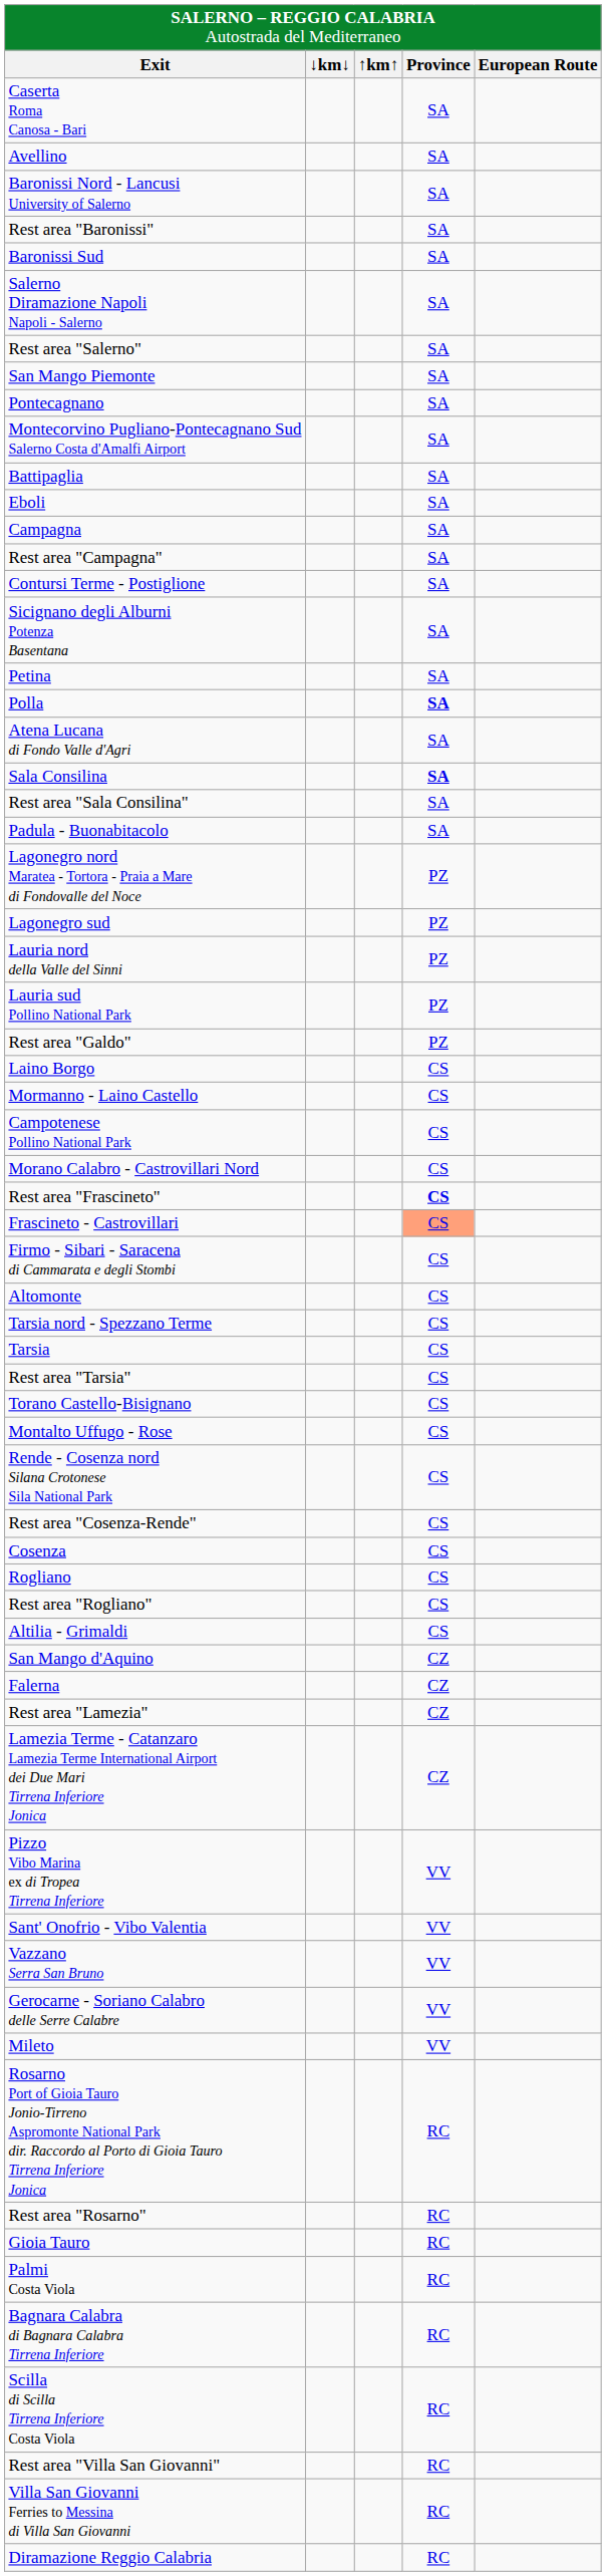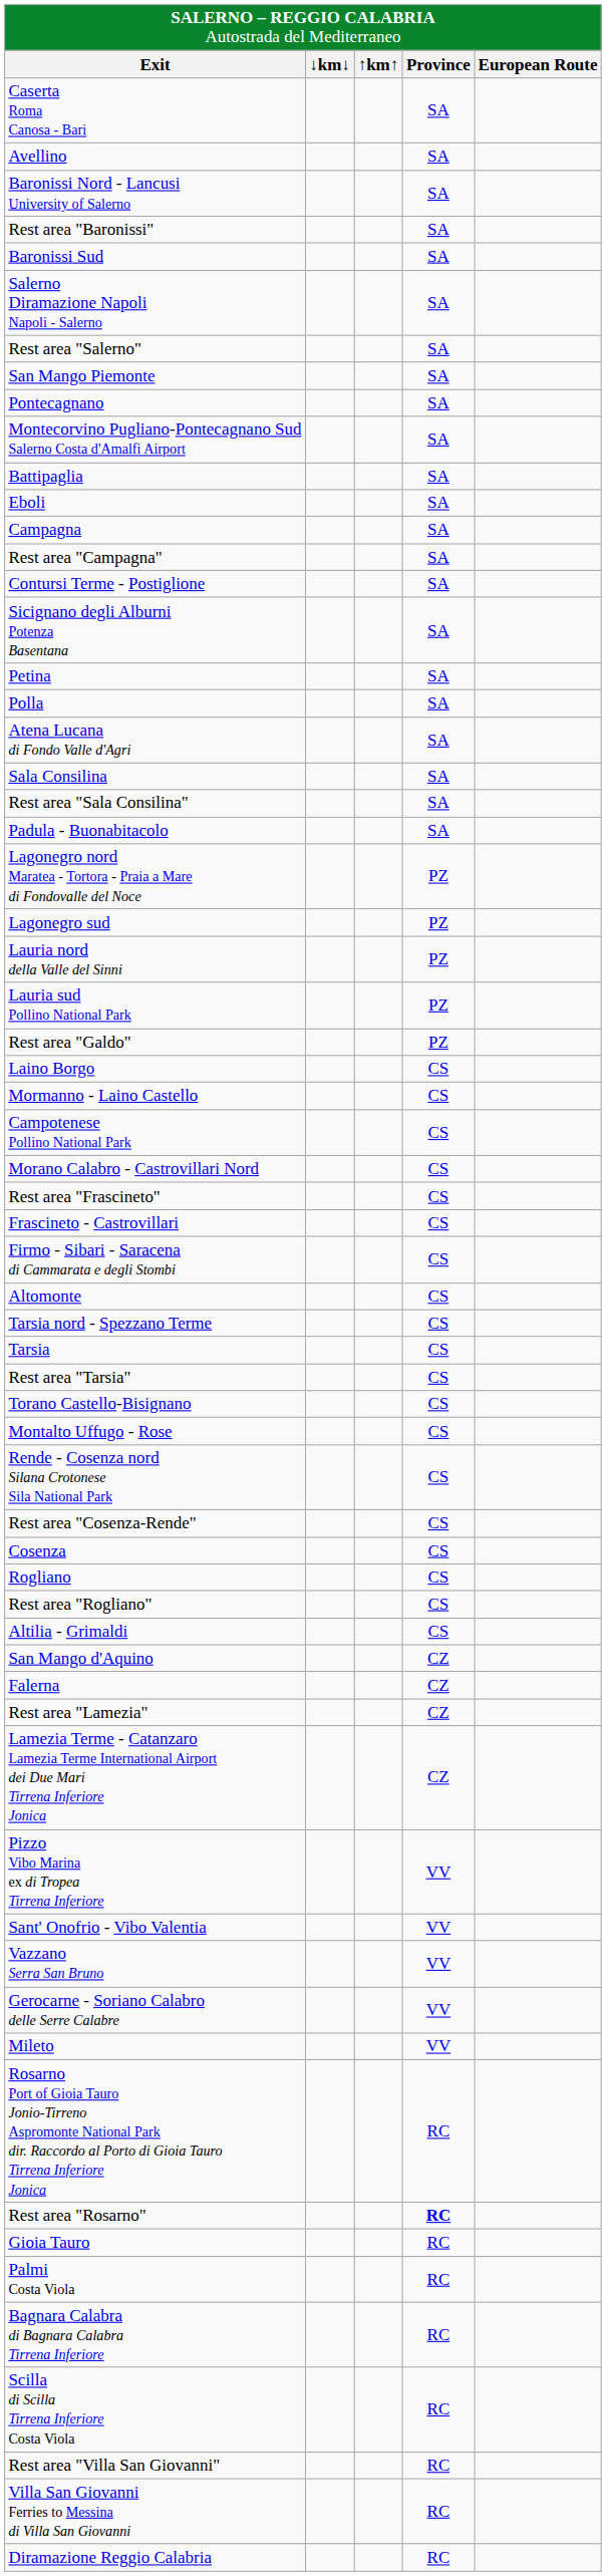 <table class="wikitable">
 <tr style="background:#08842c; text-align:center; color:white; font-size:100%;">
 <td colspan="6"><strong> SALERNO – REGGIO CALABRIA</strong><br>Autostrada del Mediterraneo</td>
 </tr>
 <tr>
 <th style="text-align:center;"><strong>Exit</strong></th>
 <th style="text-align:center;"><strong>↓km↓</strong></th>
 <th style="text-align:center;"><strong>↑km↑</strong></th>
 <th align="center"><strong>Province</strong></th>
 <th align="center"><strong>European Route</strong></th>
 </tr>
 <tr>
 <td>  <a href='#'>Caserta</a><br><small>  <a href='#'>Roma</a><br>  <a href='#'>Canosa - Bari</a></small></td>
 <td style="text-align:right;"></td>
 <td style="text-align:right;"></td>
 <td style="text-align:center;"><a href='#'>SA</a></td>
 <td style="text-align:center;"></td>
 </tr>
 <tr>
 <td>  <a href='#'>Avellino</a></td>
 <td style="text-align:right;"></td>
 <td style="text-align:right;"></td>
 <td style="text-align:center;"><a href='#'>SA</a></td>
 <td style="text-align:center;"></td>
 </tr>
 <tr>
 <td> <a href='#'>Baronissi Nord</a> - <a href='#'>Lancusi</a><br><small> <a href='#'>University of Salerno</a></small></td>
 <td style="text-align:right;"></td>
 <td style="text-align:right;"></td>
 <td style="text-align:center;"><a href='#'>SA</a></td>
 <td style="text-align:center;"></td>
 </tr>
 <tr>
 <td> Rest area "Baronissi"</td>
 <td style="text-align:right;"></td>
 <td style="text-align:right;"></td>
 <td style="text-align:center;"><a href='#'>SA</a></td>
 <td style="text-align:center;"></td>
 </tr>
 <tr>
 <td><a href='#'>Baronissi Sud</a></td>
 <td style="text-align:right;"></td>
 <td style="text-align:right;"></td>
 <td style="text-align:center;"><a href='#'>SA</a></td>
 <td style="text-align:center;"></td>
 </tr>
 <tr>
 <td> <a href='#'>Salerno</a><br>  <a href='#'>Diramazione Napoli</a> <br>  <small><a href='#'>Napoli - Salerno</a></small></td>
 <td style="text-align:right;"></td>
 <td style="text-align:right;"></td>
 <td style="text-align:center;"><a href='#'>SA</a></td>
 <td style="text-align:center;"></td>
 </tr>
 <tr>
 <td> Rest area "Salerno"</td>
 <td style="text-align:right;"></td>
 <td style="text-align:right;"></td>
 <td style="text-align:center;"><a href='#'>SA</a></td>
 <td style="text-align:center;"></td>
 </tr>
 <tr>
 <td> <a href='#'>San Mango Piemonte</a></td>
 <td style="text-align:right;"></td>
 <td style="text-align:right;"></td>
 <td style="text-align:center;"><a href='#'>SA</a></td>
 <td style="text-align:center;"></td>
 </tr>
 <tr>
 <td> <a href='#'>Pontecagnano</a></td>
 <td style="text-align:right;"></td>
 <td style="text-align:right;"></td>
 <td style="text-align:center;"><a href='#'>SA</a></td>
 <td style="text-align:center;"></td>
 </tr>
 <tr>
 <td> <a href='#'>Montecorvino Pugliano</a>-<a href='#'>Pontecagnano Sud</a><br><small> <a href='#'>Salerno Costa d'Amalfi Airport</a></small></td>
 <td style="text-align:right;"></td>
 <td style="text-align:right;"></td>
 <td style="text-align:center;"><a href='#'>SA</a></td>
 <td style="text-align:center;"></td>
 </tr>
 <tr>
 <td> <a href='#'>Battipaglia</a></td>
 <td style="text-align:right;"></td>
 <td style="text-align:right;"></td>
 <td style="text-align:center;"><a href='#'>SA</a></td>
 <td style="text-align:center;"></td>
 </tr>
 <tr>
 <td> <a href='#'>Eboli</a></td>
 <td style="text-align:right;"></td>
 <td style="text-align:right;"></td>
 <td style="text-align:center;"><a href='#'>SA</a></td>
 <td style="text-align:center;"></td>
 </tr>
 <tr>
 <td> <a href='#'>Campagna</a></td>
 <td style="text-align:right;"></td>
 <td style="text-align:right;"></td>
 <td style="text-align:center;"><a href='#'>SA</a></td>
 <td style="text-align:center;"></td>
 </tr>
 <tr>
 <td> Rest area "Campagna"</td>
 <td style="text-align:right;"></td>
 <td style="text-align:right;"></td>
 <td style="text-align:center;"><a href='#'>SA</a></td>
 <td style="text-align:center;"></td>
 </tr>
 <tr>
 <td> <a href='#'>Contursi Terme</a> - <a href='#'>Postiglione</a></td>
 <td style="text-align:right;"></td>
 <td style="text-align:right;"></td>
 <td style="text-align:center;"><a href='#'>SA</a></td>
 <td style="text-align:center;"></td>
 </tr>
 <tr>
 <td> <a href='#'>Sicignano degli Alburni</a><br>  <small><a href='#'>Potenza</a><br> <em>Basentana</em></small></td>
 <td style="text-align:right;"></td>
 <td style="text-align:right;"></td>
 <td style="text-align:center;"><a href='#'>SA</a></td>
 <td style="text-align:center;"></td>
 </tr>
 <tr>
 <td> <a href='#'>Petina</a></td>
 <td style="text-align:right;"></td>
 <td style="text-align:right;"></td>
 <td style="text-align:center;"><a href='#'>SA</a></td>
 <td style="text-align:center;"></td>
 </tr>
 <tr>
 <td> <a href='#'>Polla</a></td>
 <td style="text-align:right;"></td>
 <td style="text-align:right;"></td>
-<td style="text-align:center;"><strong><a href='#'>SA</a></strong></td>
+<td style="text-align:center;"><a href='#'>SA</a></td>
 <td style="text-align:center;"></td>
 </tr>
 <tr>
 <td> <a href='#'>Atena Lucana</a><br><small> <em>di Fondo Valle d'Agri</em></small></td>
 <td style="text-align:right;"></td>
 <td style="text-align:right;"></td>
 <td style="text-align:center;"><a href='#'>SA</a></td>
 <td style="text-align:center;"></td>
 </tr>
 <tr>
 <td> <a href='#'>Sala Consilina</a></td>
 <td style="text-align:right;"></td>
 <td style="text-align:right;"></td>
-<td style="text-align:center;"><strong><a href='#'>SA</a></strong></td>
+<td style="text-align:center;"><a href='#'>SA</a></td>
 <td style="text-align:center;"></td>
 </tr>
 <tr>
 <td> Rest area "Sala Consilina"</td>
 <td style="text-align:right;"></td>
 <td style="text-align:right;"></td>
 <td style="text-align:center;"><a href='#'>SA</a></td>
 <td style="text-align:center;"></td>
 </tr>
 <tr>
 <td> <a href='#'>Padula</a> - <a href='#'>Buonabitacolo</a></td>
 <td style="text-align:right;"></td>
 <td style="text-align:right;"></td>
 <td style="text-align:center;"><a href='#'>SA</a></td>
 <td style="text-align:center;"></td>
 </tr>
 <tr>
 <td> <a href='#'>Lagonegro nord</a><br><small><a href='#'>Maratea</a> - <a href='#'>Tortora</a> - <a href='#'>Praia a Mare</a><br> <em>di Fondovalle del Noce</em></small></td>
 <td style="text-align:right;"></td>
 <td style="text-align:right;"></td>
 <td style="text-align:center;"><a href='#'>PZ</a></td>
 <td style="text-align:center;"></td>
 </tr>
 <tr>
 <td> <a href='#'>Lagonegro sud</a></td>
 <td style="text-align:right;"></td>
 <td style="text-align:right;"></td>
 <td style="text-align:center;"><a href='#'>PZ</a></td>
 <td style="text-align:center;"></td>
 </tr>
 <tr>
 <td> <a href='#'>Lauria nord</a><br><small> <em>della Valle del Sinni</em></small></td>
 <td style="text-align:right;"></td>
 <td style="text-align:right;"></td>
 <td style="text-align:center;"><a href='#'>PZ</a></td>
 <td style="text-align:center;"></td>
 </tr>
 <tr>
 <td> <a href='#'>Lauria sud</a><br><small> <a href='#'>Pollino National Park</a></small></td>
 <td style="text-align:right;"></td>
 <td style="text-align:right;"></td>
 <td style="text-align:center;"><a href='#'>PZ</a></td>
 <td style="text-align:center;"></td>
 </tr>
 <tr>
 <td> Rest area "Galdo"</td>
 <td style="text-align:right;"></td>
 <td style="text-align:right;"></td>
 <td style="text-align:center;"><a href='#'>PZ</a></td>
 <td style="text-align:center;"></td>
 </tr>
 <tr>
 <td> <a href='#'>Laino Borgo</a></td>
 <td style="text-align:right;"></td>
 <td style="text-align:right;"></td>
 <td style="text-align:center;"><a href='#'>CS</a></td>
 <td style="text-align:center;"></td>
 </tr>
 <tr>
 <td> <a href='#'>Mormanno</a> - <a href='#'>Laino Castello</a></td>
 <td style="text-align:right;"></td>
 <td style="text-align:right;"></td>
 <td style="text-align:center;"><a href='#'>CS</a></td>
 <td style="text-align:center;"></td>
 </tr>
 <tr>
 <td> <a href='#'>Campotenese</a><br><small> <a href='#'>Pollino National Park</a></small></td>
 <td style="text-align:right;"></td>
 <td style="text-align:right;"></td>
 <td style="text-align:center;"><a href='#'>CS</a></td>
 <td style="text-align:center;"></td>
 </tr>
 <tr>
 <td> <a href='#'>Morano Calabro</a> - <a href='#'>Castrovillari Nord</a></td>
 <td style="text-align:right;"></td>
 <td style="text-align:right;"></td>
 <td style="text-align:center;"><a href='#'>CS</a></td>
 <td style="text-align:center;"></td>
 </tr>
 <tr>
 <td> Rest area "Frascineto"</td>
 <td style="text-align:right;"></td>
 <td style="text-align:right;"></td>
-<td style="text-align:center;"><strong><a href='#'>CS</a></strong></td>
+<td style="text-align:center;"><a href='#'>CS</a></td>
 <td style="text-align:center;"></td>
 </tr>
 <tr>
 <td> <a href='#'>Frascineto</a> - <a href='#'>Castrovillari</a></td>
 <td style="text-align:right;"></td>
 <td style="text-align:right;"></td>
-<td style="background: lightsalmon; text-align:center;"><a href='#'>CS</a></td>
+<td style="text-align:center;"><a href='#'>CS</a></td>
 <td style="text-align:center;"></td>
 </tr>
 <tr>
 <td> <a href='#'>Firmo</a> - <a href='#'>Sibari</a> - <a href='#'>Saracena</a><br><small>  <em>di Cammarata e degli Stombi</em></small></td>
 <td style="text-align:right;"></td>
 <td style="text-align:right;"></td>
 <td style="text-align:center;"><a href='#'>CS</a></td>
 <td style="text-align:center;"></td>
 </tr>
 <tr>
 <td> <a href='#'>Altomonte</a></td>
 <td style="text-align:right;"></td>
 <td style="text-align:right;"></td>
 <td style="text-align:center;"><a href='#'>CS</a></td>
 <td style="text-align:center;"></td>
 </tr>
 <tr>
 <td> <a href='#'>Tarsia nord</a> - <a href='#'>Spezzano Terme</a></td>
 <td style="text-align:right;"></td>
 <td style="text-align:right;"></td>
 <td style="text-align:center;"><a href='#'>CS</a></td>
 <td style="text-align:center;"></td>
 </tr>
 <tr>
 <td> <a href='#'>Tarsia</a></td>
 <td style="text-align:right;"></td>
 <td style="text-align:right;"></td>
 <td style="text-align:center;"><a href='#'>CS</a></td>
 <td style="text-align:center;"></td>
 </tr>
 <tr>
 <td> Rest area "Tarsia"</td>
 <td style="text-align:right;"></td>
 <td style="text-align:right;"></td>
 <td style="text-align:center;"><a href='#'>CS</a></td>
 <td style="text-align:center;"></td>
 </tr>
 <tr>
 <td> <a href='#'>Torano Castello</a>-<a href='#'>Bisignano</a></td>
 <td style="text-align:right;"></td>
 <td style="text-align:right;"></td>
 <td style="text-align:center;"><a href='#'>CS</a></td>
 <td style="text-align:center;"></td>
 </tr>
 <tr>
 <td> <a href='#'>Montalto Uffugo</a> - <a href='#'>Rose</a></td>
 <td style="text-align:right;"></td>
 <td style="text-align:right;"></td>
 <td style="text-align:center;"><a href='#'>CS</a></td>
 <td style="text-align:center;"></td>
 </tr>
 <tr>
 <td> <a href='#'>Rende</a> - <a href='#'>Cosenza nord</a><br><small>  <em>Silana Crotonese</em><br> <a href='#'>Sila National Park</a></small></td>
 <td style="text-align:right;"></td>
 <td style="text-align:right;"></td>
 <td style="text-align:center;"><a href='#'>CS</a></td>
 <td style="text-align:center;"></td>
 </tr>
 <tr>
 <td> Rest area "Cosenza-Rende"</td>
 <td style="text-align:right;"></td>
 <td style="text-align:right;"></td>
 <td style="text-align:center;"><a href='#'>CS</a></td>
 <td style="text-align:center;"></td>
 </tr>
 <tr>
 <td> <a href='#'>Cosenza</a></td>
 <td style="text-align:right;"></td>
 <td style="text-align:right;"></td>
 <td style="text-align:center;"><a href='#'>CS</a></td>
 <td style="text-align:center;"></td>
 </tr>
 <tr>
 <td> <a href='#'>Rogliano</a></td>
 <td style="text-align:right;"></td>
 <td style="text-align:right;"></td>
 <td style="text-align:center;"><a href='#'>CS</a></td>
 <td style="text-align:center;"></td>
 </tr>
 <tr>
 <td> Rest area "Rogliano"</td>
 <td style="text-align:right;"></td>
 <td style="text-align:right;"></td>
 <td style="text-align:center;"><a href='#'>CS</a></td>
 <td style="text-align:center;"></td>
 </tr>
 <tr>
 <td> <a href='#'>Altilia</a> - <a href='#'>Grimaldi</a></td>
 <td style="text-align:right;"></td>
 <td style="text-align:right;"></td>
 <td style="text-align:center;"><a href='#'>CS</a></td>
 <td style="text-align:center;"></td>
 </tr>
 <tr>
 <td> <a href='#'>San Mango d'Aquino</a></td>
 <td style="text-align:right;"></td>
 <td style="text-align:right;"></td>
 <td style="text-align:center;"><a href='#'>CZ</a></td>
 <td style="text-align:center;"></td>
 </tr>
 <tr>
 <td> <a href='#'>Falerna</a></td>
 <td style="text-align:right;"></td>
 <td style="text-align:right;"></td>
 <td style="text-align:center;"><a href='#'>CZ</a></td>
 <td style="text-align:center;"></td>
 </tr>
 <tr>
 <td> Rest area "Lamezia"</td>
 <td style="text-align:right;"></td>
 <td style="text-align:right;"></td>
 <td style="text-align:center;"><a href='#'>CZ</a></td>
 <td style="text-align:center;"></td>
 </tr>
 <tr>
 <td> <a href='#'>Lamezia Terme</a> - <a href='#'>Catanzaro</a><br><small> <a href='#'>Lamezia Terme International Airport</a><br>  <em>dei Due Mari</em> </small><br> <small><em><a href='#'>Tirrena Inferiore</a></em></small><br>  <small><em><a href='#'>Jonica</a></em></small></td>
 <td style="text-align:right;"></td>
 <td style="text-align:right;"></td>
 <td style="text-align:center;"><a href='#'>CZ</a></td>
 <td style="text-align:center;"></td>
 </tr>
 <tr>
 <td> <a href='#'>Pizzo</a><br> <small><a href='#'>Vibo Marina</a></small><br><small>ex  <em>di Tropea</em></small><br> <small><em><a href='#'>Tirrena Inferiore</a></em></small></td>
 <td style="text-align:right;"></td>
 <td style="text-align:right;"></td>
 <td style="text-align:center;"><a href='#'>VV</a></td>
 <td style="text-align:center;"></td>
 </tr>
 <tr>
 <td> <a href='#'>Sant' Onofrio</a> - <a href='#'>Vibo Valentia</a></td>
 <td style="text-align:right;"></td>
 <td style="text-align:right;"></td>
 <td style="text-align:center;"><a href='#'>VV</a></td>
 <td style="text-align:center;"></td>
 </tr>
 <tr>
 <td> <a href='#'>Vazzano</a> <br> <small><em><a href='#'>Serra San Bruno</a></em></small></td>
 <td style="text-align:right;"></td>
 <td style="text-align:right;"></td>
 <td style="text-align:center;"><a href='#'>VV</a></td>
 <td style="text-align:center;"></td>
 </tr>
 <tr>
 <td> <a href='#'>Gerocarne</a> - <a href='#'>Soriano Calabro</a><br><small> <em>delle Serre Calabre</em></small></td>
 <td style="text-align:right;"></td>
 <td style="text-align:right;"></td>
 <td style="text-align:center;"><a href='#'>VV</a></td>
 <td style="text-align:center;"></td>
 </tr>
 <tr>
 <td> <a href='#'>Mileto</a></td>
 <td style="text-align:right;"></td>
 <td style="text-align:right;"></td>
 <td style="text-align:center;"><a href='#'>VV</a></td>
 <td style="text-align:center;"></td>
 </tr>
 <tr>
 <td> <a href='#'>Rosarno</a><br><small> <a href='#'>Port of Gioia Tauro</a><br> <em>Jonio-Tirreno</em><br> <a href='#'>Aspromonte National Park</a></small><br> <small><em>dir. Raccordo al Porto di Gioia Tauro</em></small><br> <small><em><a href='#'>Tirrena Inferiore</a></em></small><br>  <small><em><a href='#'>Jonica</a></em></small></td>
 <td style="text-align:right;"></td>
 <td style="text-align:right;"></td>
 <td style="text-align:center;"><a href='#'>RC</a></td>
 <td style="text-align:center;"></td>
 </tr>
 <tr>
 <td> Rest area "Rosarno"</td>
 <td style="text-align:right;"></td>
 <td style="text-align:right;"></td>
-<td style="text-align:center;"><a href='#'>RC</a></td>
+<td style="text-align:center;"><strong><a href='#'>RC</a></strong></td>
 <td style="text-align:center;"></td>
 </tr>
 <tr>
 <td> <a href='#'>Gioia Tauro</a></td>
 <td style="text-align:right;"></td>
 <td style="text-align:right;"></td>
 <td style="text-align:center;"><a href='#'>RC</a></td>
 <td style="text-align:center;"></td>
 </tr>
 <tr>
 <td> <a href='#'>Palmi</a><br> <small>Costa Viola</small></td>
 <td style="text-align:right;"></td>
 <td style="text-align:right;"></td>
 <td style="text-align:center;"><a href='#'>RC</a></td>
 <td style="text-align:center;"></td>
 </tr>
 <tr>
 <td> <a href='#'>Bagnara Calabra</a><br> <small><em>di Bagnara Calabra</em></small><br> <small><em><a href='#'>Tirrena Inferiore</a></em></small></td>
 <td style="text-align:right;"></td>
 <td style="text-align:right;"></td>
 <td style="text-align:center;"><a href='#'>RC</a></td>
 <td style="text-align:center;"></td>
 </tr>
 <tr>
 <td> <a href='#'>Scilla</a><br> <small><em>di Scilla</em></small><br> <small><em><a href='#'>Tirrena Inferiore</a></em></small><br> <small>Costa Viola</small></td>
 <td style="text-align:right;"></td>
 <td style="text-align:right;"></td>
 <td style="text-align:center;"><a href='#'>RC</a></td>
 <td style="text-align:center;"></td>
 </tr>
 <tr>
 <td> Rest area "Villa San Giovanni"</td>
 <td style="text-align:right;"></td>
 <td style="text-align:right;"></td>
 <td style="text-align:center;"><a href='#'>RC</a></td>
 <td style="text-align:center;"></td>
 </tr>
 <tr>
 <td> <a href='#'>Villa San Giovanni</a><br> <small>Ferries to <a href='#'>Messina</a></small><br>  <small><em>di Villa San Giovanni</em></small></td>
 <td style="text-align:right;"></td>
 <td style="text-align:right;"></td>
 <td style="text-align:center;"><a href='#'>RC</a></td>
 <td style="text-align:center;"></td>
 </tr>
 <tr>
 <td>  <a href='#'>Diramazione Reggio Calabria</a></td>
 <td style="text-align:right;"></td>
 <td style="text-align:right;"></td>
 <td style="text-align:center;"><a href='#'>RC</a></td>
 <td style="text-align:center;"></td>
 </tr>
 </table>
